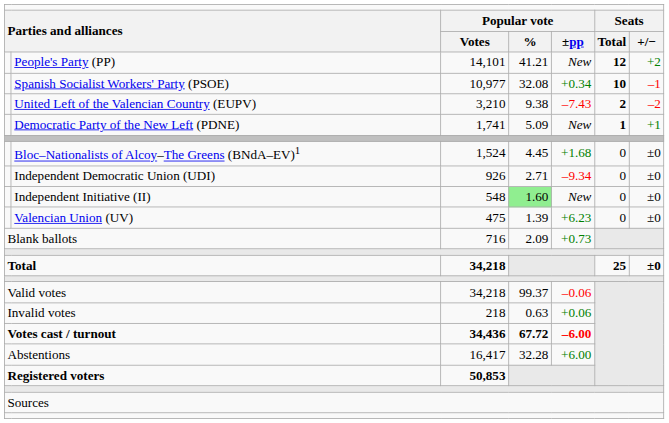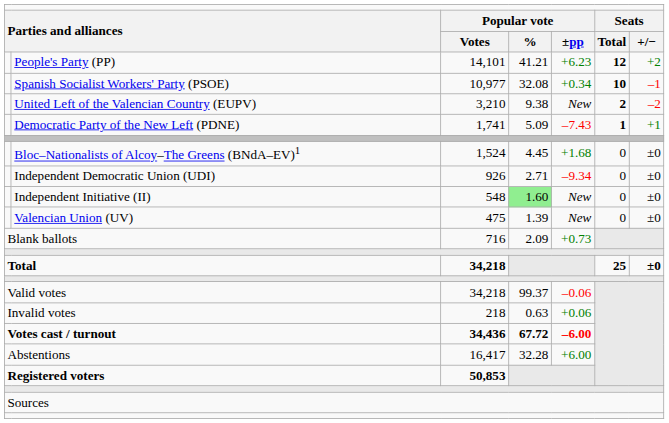 <table class="wikitable" style="text-align:right;">
 <tr>
 <td colspan="7"></td>
 </tr>
 <tr>
 <th style="text-align:left;" rowspan="2" colspan="2" width="525">Parties and alliances</th>
 <th colspan="3">Popular vote</th>
 <th colspan="2">Seats</th>
 </tr>
 <tr>
 <th width="75">Votes</th>
 <th width="45">%</th>
 <th width="45">±<a href='#'>pp</a></th>
 <th width="35">Total</th>
 <th width="35">+/−</th>
 </tr>
 <tr>
 <td width="1" style="color:inherit;background:"></td>
 <td align="left"><a href='#'>People's Party</a> (PP)</td>
 <td>14,101</td>
 <td>41.21</td>
-<td><em>New</em></td>
+<td style="color:green;">+6.23</td>
 <td><strong>12</strong></td>
 <td style="color:green;">+2</td>
 </tr>
 <tr>
 <td style="color:inherit;background:"></td>
 <td align="left"><a href='#'>Spanish Socialist Workers' Party</a> (PSOE)</td>
 <td>10,977</td>
 <td>32.08</td>
 <td style="color:green;">+0.34</td>
 <td><strong>10</strong></td>
 <td style="color:red;">–1</td>
 </tr>
 <tr>
 <td style="color:inherit;background:"></td>
 <td align="left"><a href='#'>United Left of the Valencian Country</a> (EUPV)</td>
 <td>3,210</td>
 <td>9.38</td>
-<td style="color:red;">–7.43</td>
+<td><em>New</em></td>
 <td><strong>2</strong></td>
 <td style="color:red;">–2</td>
 </tr>
 <tr>
 <td style="color:inherit;background:"></td>
 <td align="left"><a href='#'>Democratic Party of the New Left</a> (PDNE)</td>
 <td>1,741</td>
 <td>5.09</td>
-<td><em>New</em></td>
+<td style="color:red;">–7.43</td>
 <td><strong>1</strong></td>
 <td style="color:green;">+1</td>
 </tr>
 <tr>
 <td colspan="7" bgcolor="#C0C0C0"></td>
 </tr>
 <tr>
 <td style="color:inherit;background:"></td>
 <td align="left"><a href='#'>Bloc–Nationalists of Alcoy</a>–<a href='#'>The Greens</a> (BNdA–EV)<sup>1</sup></td>
 <td>1,524</td>
 <td>4.45</td>
 <td style="color:green;">+1.68</td>
 <td>0</td>
 <td>±0</td>
 </tr>
 <tr>
 <td style="color:inherit;background:"></td>
 <td align="left">Independent Democratic Union (UDI)</td>
 <td>926</td>
 <td>2.71</td>
 <td style="color:red;">–9.34</td>
 <td>0</td>
 <td>±0</td>
 </tr>
 <tr>
 <td style="color:inherit;background:"></td>
 <td align="left">Independent Initiative (II)</td>
 <td>548</td>
 <td style="background: lightgreen;">1.60</td>
 <td><em>New</em></td>
 <td>0</td>
 <td>±0</td>
 </tr>
 <tr>
 <td style="color:inherit;background:"></td>
 <td align="left"><a href='#'>Valencian Union</a> (UV)</td>
 <td>475</td>
 <td>1.39</td>
-<td style="color:green;">+6.23</td>
+<td><em>New</em></td>
 <td>0</td>
 <td>±0</td>
 </tr>
 <tr>
 <td align="left" colspan="2">Blank ballots</td>
 <td>716</td>
 <td>2.09</td>
 <td style="color:green;">+0.73</td>
 <td bgcolor="#E9E9E9" colspan="2"></td>
 </tr>
 <tr>
 <td colspan="7" bgcolor="#E9E9E9"></td>
 </tr>
 <tr style="font-weight:bold;">
 <td align="left" colspan="2">Total</td>
 <td>34,218</td>
 <td bgcolor="#E9E9E9" colspan="2"></td>
 <td>25</td>
 <td>±0</td>
 </tr>
 <tr>
 <td colspan="7" bgcolor="#E9E9E9"></td>
 </tr>
 <tr>
 <td align="left" colspan="2">Valid votes</td>
 <td>34,218</td>
 <td>99.37</td>
 <td style="color:red;">–0.06</td>
 <td bgcolor="#E9E9E9" colspan="2" rowspan="5"></td>
 </tr>
 <tr>
 <td align="left" colspan="2">Invalid votes</td>
 <td>218</td>
 <td>0.63</td>
 <td style="color:green;">+0.06</td>
 </tr>
 <tr style="font-weight:bold;">
 <td align="left" colspan="2">Votes cast / turnout</td>
 <td>34,436</td>
 <td>67.72</td>
 <td style="color:red;">–6.00</td>
 </tr>
 <tr>
 <td align="left" colspan="2">Abstentions</td>
 <td>16,417</td>
 <td>32.28</td>
 <td style="color:green;">+6.00</td>
 </tr>
 <tr style="font-weight:bold;">
 <td align="left" colspan="2">Registered voters</td>
 <td>50,853</td>
 <td bgcolor="#E9E9E9" colspan="2"></td>
 </tr>
 <tr>
 <td colspan="7" bgcolor="#E9E9E9"></td>
 </tr>
 <tr>
 <td align="left" colspan="7">Sources</td>
 </tr>
 <tr>
 <td colspan="7" style="text-align:left; max-width:790px;"></td>
 </tr>
 </table>
